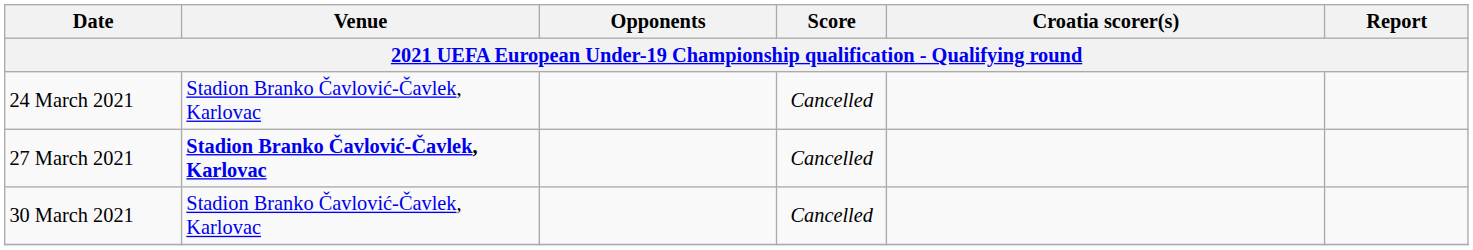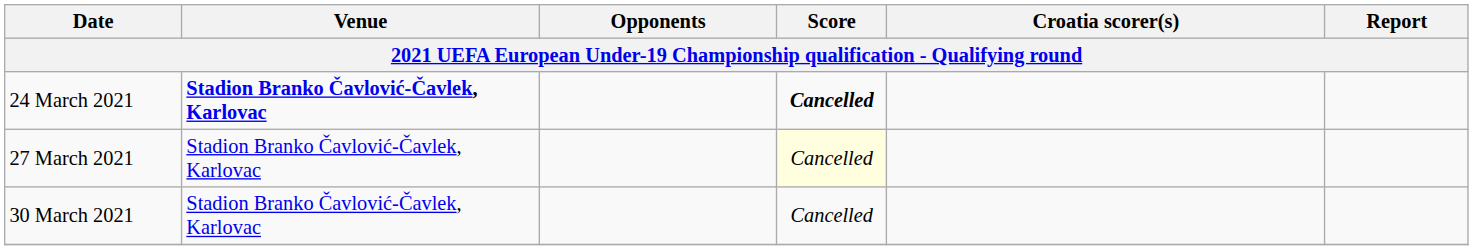 <table class="wikitable" style="font-size:95%;">
 <tr>
 <th width=125>Date</th>
 <th width=260>Venue</th>
 <th width=170>Opponents</th>
 <th width= 75>Score</th>
 <th width=320>Croatia scorer(s)</th>
 <th width=100>Report</th>
 </tr>
 <tr>
 <th colspan=7><a href='#'>2021 UEFA European Under-19 Championship qualification - Qualifying round</a></th>
 </tr>
 <tr>
 <td>24 March 2021</td>
-<td><a href='#'>Stadion Branko Čavlović-Čavlek</a>, <a href='#'>Karlovac</a></td>
+<td><strong><a href='#'>Stadion Branko Čavlović-Čavlek</a>, <a href='#'>Karlovac</a></strong></td>
 <td></td>
-<td align=center><em>Cancelled</em></td>
+<td align=center><strong><em>Cancelled</em></strong></td>
 <td></td>
 <td></td>
 </tr>
 <tr>
 <td>27 March 2021</td>
-<td><strong><a href='#'>Stadion Branko Čavlović-Čavlek</a>, <a href='#'>Karlovac</a></strong></td>
+<td><a href='#'>Stadion Branko Čavlović-Čavlek</a>, <a href='#'>Karlovac</a></td>
 <td></td>
-<td align=center><em>Cancelled</em></td>
+<td align=center style="background: lightyellow;"><em>Cancelled</em></td>
 <td></td>
 <td></td>
 </tr>
 <tr>
 <td>30 March 2021</td>
 <td><a href='#'>Stadion Branko Čavlović-Čavlek</a>, <a href='#'>Karlovac</a></td>
 <td></td>
 <td align=center><em>Cancelled</em></td>
 <td></td>
 <td></td>
 </tr>
 <tr>
 </tr>
 </table>
